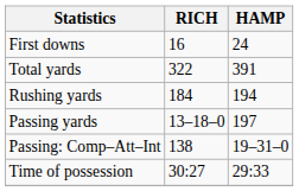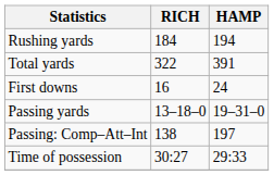 <table class="wikitable" style="float: left;">
 <tr>
 <th>Statistics</th>
 <th>RICH</th>
 <th>HAMP</th>
 </tr>
 <tr>
-<td>First downs</td>
-<td>16</td>
-<td>24</td>
+<td>Rushing yards</td>
+<td>184</td>
+<td>194</td>
 </tr>
 <tr>
 <td>Total yards</td>
 <td>322</td>
 <td>391</td>
 </tr>
 <tr>
-<td>Rushing yards</td>
-<td>184</td>
-<td>194</td>
+<td>First downs</td>
+<td>16</td>
+<td>24</td>
 </tr>
 <tr>
 <td>Passing yards</td>
 <td>13–18–0</td>
-<td>197</td>
+<td>19–31–0</td>
 </tr>
 <tr>
 <td>Passing: Comp–Att–Int</td>
 <td>138</td>
-<td>19–31–0</td>
+<td>197</td>
 </tr>
 <tr>
 <td>Time of possession</td>
 <td>30:27</td>
 <td>29:33</td>
 </tr>
 <tr>
 </tr>
 </table>
